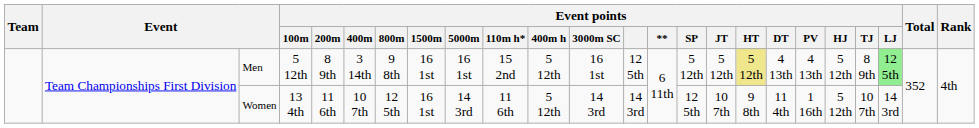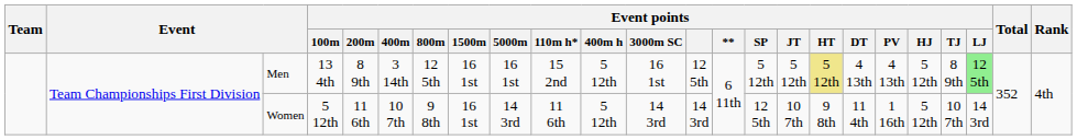 <table class="wikitable" style="text-align:left; font-size:90%">
 <tr>
 <th rowspan="2">Team</th>
 <th colspan="2" rowspan="2">Event</th>
 <th colspan="19">Event points</th>
 <th rowspan="2">Total</th>
 <th rowspan="2">Rank</th>
 </tr>
 <tr>
 <th><small>100m</small></th>
 <th><small>200m</small></th>
 <th><small>400m</small></th>
 <th><small>800m</small></th>
 <th><small>1500m</small></th>
 <th><small>5000m</small></th>
 <th><small>110m h*</small></th>
 <th><small>400m h</small></th>
 <th><small>3000m SC</small></th>
 <th><small></small></th>
 <th><small>**</small></th>
 <th><small>SP</small></th>
 <th><small>JT</small></th>
 <th><small>HT</small></th>
 <th><small>DT</small></th>
 <th><small>PV</small></th>
 <th><small>HJ</small></th>
 <th><small>TJ</small></th>
 <th><small>LJ</small></th>
 </tr>
 <tr>
 <td rowspan="2"></td>
 <td rowspan="2"><a href='#'>Team Championships First Division</a></td>
 <td><small>Men</small></td>
-<td style="text-align:center">5 <br> 12th</td>
+<td style="text-align:center">13 <br> 4th</td>
 <td style="text-align:center">8 <br> 9th</td>
 <td style="text-align:center">3 <br> 14th</td>
-<td style="text-align:center">9 <br> 8th</td>
+<td style="text-align:center">12 <br> 5th</td>
 <td style="text-align:center">16 <br> 1st</td>
 <td style="text-align:center">16 <br> 1st</td>
 <td style="text-align:center">15 <br> 2nd</td>
 <td style="text-align:center">5 <br> 12th</td>
 <td style="text-align:center">16 <br> 1st</td>
 <td style="text-align:center">12 <br> 5th</td>
 <td rowspan="2" style="text-align:center">6 <br> 11th</td>
 <td style="text-align:center">5 <br> 12th</td>
 <td style="text-align:center">5 <br> 12th</td>
 <td style="background: khaki; text-align:center">5 <br> 12th</td>
 <td style="text-align:center">4 <br> 13th</td>
 <td style="text-align:center">4 <br> 13th</td>
 <td style="text-align:center">5 <br> 12th</td>
 <td style="text-align:center">8 <br> 9th</td>
 <td style="background: lightgreen; text-align:center">12 <br> 5th</td>
 <td rowspan="2">352</td>
 <td rowspan="2">4th</td>
 </tr>
 <tr>
 <td><small>Women</small></td>
-<td style="text-align:center">13 <br> 4th</td>
+<td style="text-align:center">5 <br> 12th</td>
 <td style="text-align:center">11 <br> 6th</td>
 <td style="text-align:center">10 <br> 7th</td>
-<td style="text-align:center">12 <br> 5th</td>
+<td style="text-align:center">9 <br> 8th</td>
 <td style="text-align:center">16 <br> 1st</td>
 <td style="text-align:center">14 <br> 3rd</td>
 <td style="text-align:center">11 <br> 6th</td>
 <td style="text-align:center">5 <br> 12th</td>
 <td style="text-align:center">14 <br> 3rd</td>
 <td style="text-align:center">14 <br> 3rd</td>
 <td style="text-align:center">12 <br> 5th</td>
 <td style="text-align:center">10 <br> 7th</td>
 <td style="text-align:center">9 <br> 8th</td>
 <td style="text-align:center">11 <br> 4th</td>
 <td style="text-align:center">1 <br> 16th</td>
 <td style="text-align:center">5 <br> 12th</td>
 <td style="text-align:center">10 <br> 7th</td>
 <td style="text-align:center">14 <br> 3rd</td>
 </tr>
 </table>
